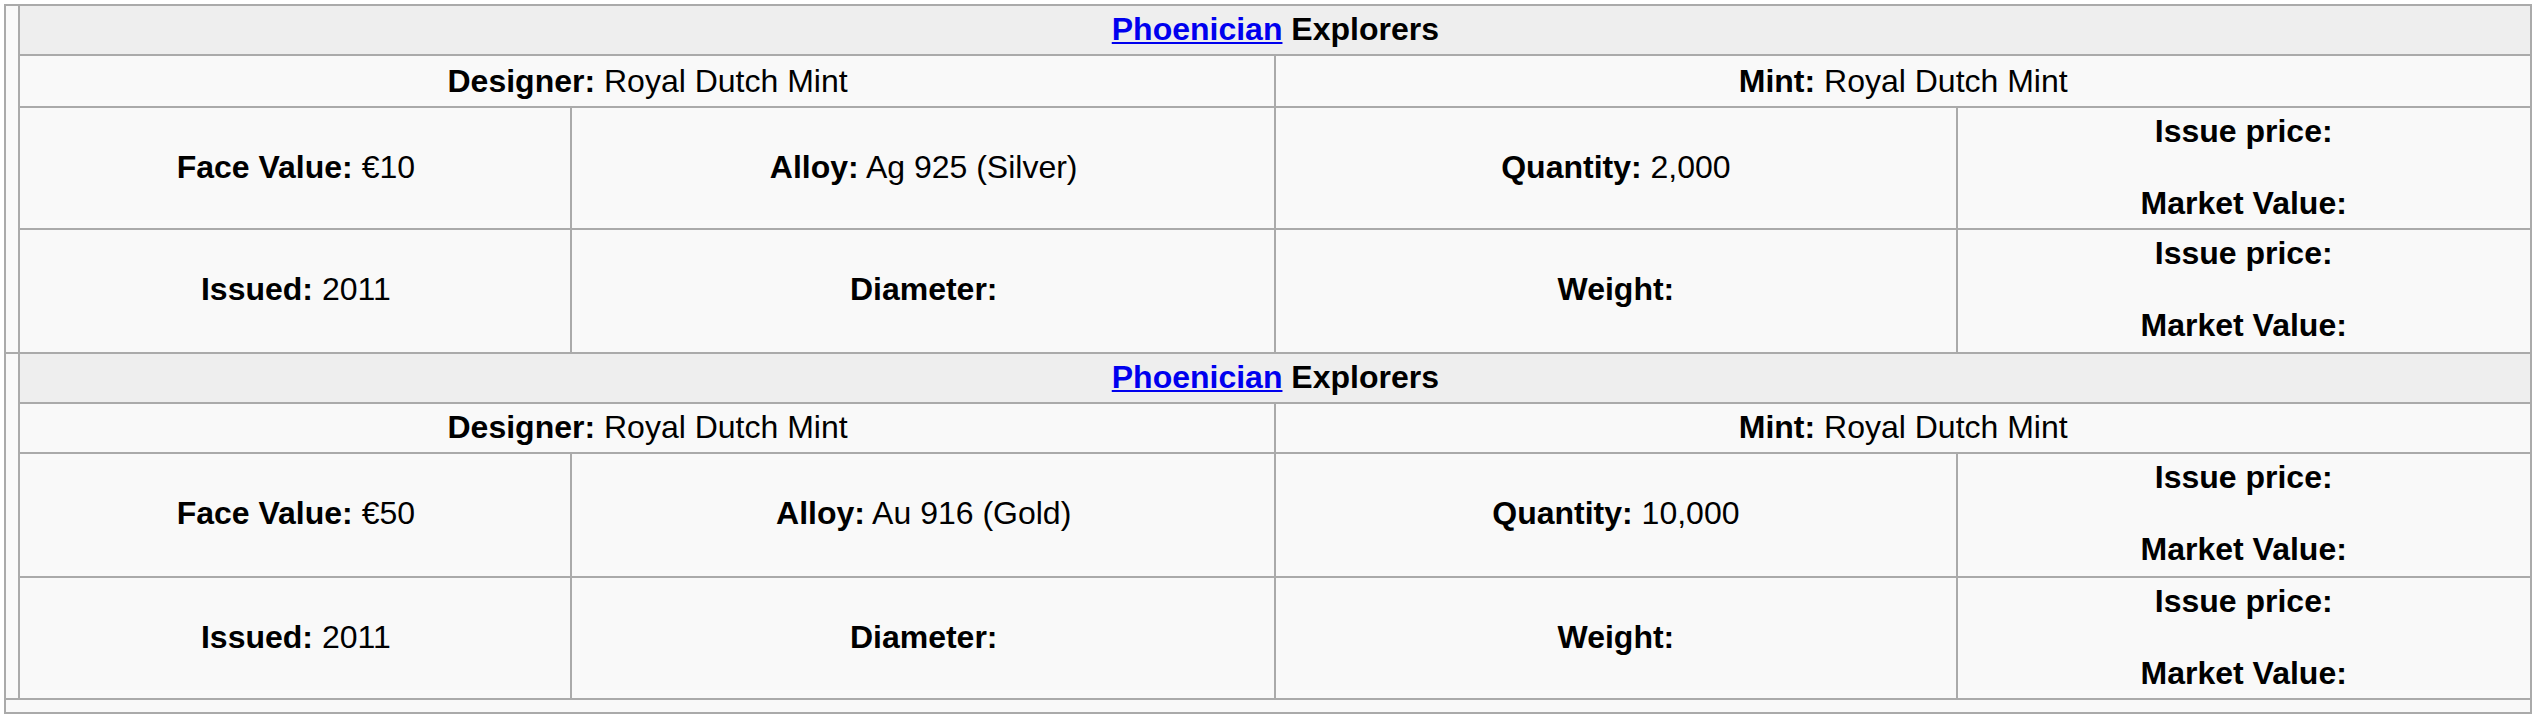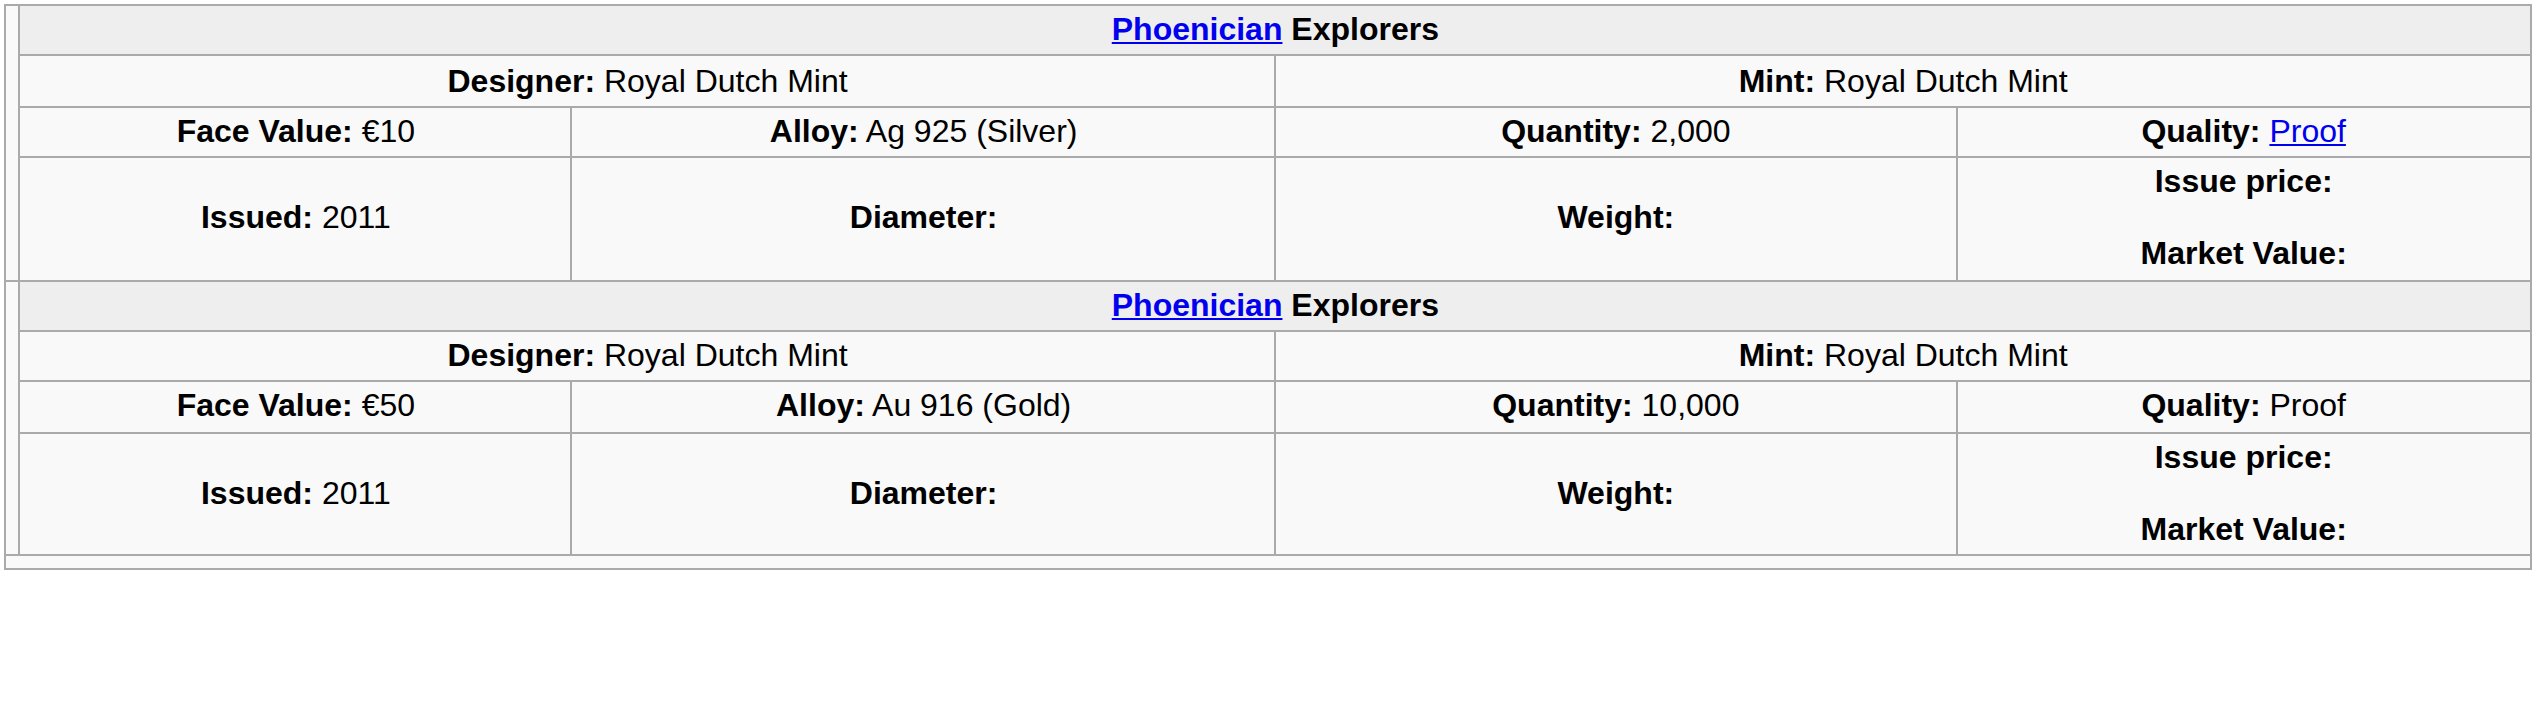 <table class="wikitable" width=100%>
 <tr>
 <td rowspan=4 width="330px" nowrap align=center></td>
 <th colspan="4" align=center style="background:#eeeeee;"><a href='#'>Phoenician</a> Explorers</th>
 </tr>
 <tr>
 <td colspan="2" width="50%" align=center><strong>Designer:</strong> Royal Dutch Mint</td>
 <td colspan="2" width="50%" align=center><strong>Mint:</strong> Royal Dutch Mint</td>
 </tr>
 <tr>
 <td align=center><strong>Face Value:</strong> €10</td>
 <td align=center><strong>Alloy:</strong> Ag 925 (Silver)</td>
 <td align=center><strong>Quantity:</strong> 2,000</td>
-<td align=center><strong>Issue price:</strong><br><br> <strong>Market Value:</strong></td>
+<td align=center><strong>Quality:</strong> <a href='#'>Proof</a></td>
 </tr>
 <tr>
 <td align=center><strong>Issued:</strong> 2011</td>
 <td align=center><strong>Diameter:</strong> </td>
 <td align=center><strong>Weight:</strong> </td>
 <td align=center><strong>Issue price:</strong><br><br> <strong>Market Value:</strong></td>
 </tr>
 <tr>
 <td rowspan=4 width="330px" nowrap align=center></td>
 <th colspan="4" align=center style="background:#eeeeee;"><a href='#'>Phoenician</a> Explorers</th>
 </tr>
 <tr>
 <td colspan="2" width="50%" align=center><strong>Designer:</strong> Royal Dutch Mint</td>
 <td colspan="2" width="50%" align=center><strong>Mint:</strong> Royal Dutch Mint</td>
 </tr>
 <tr>
 <td align=center><strong>Face Value:</strong> €50</td>
 <td align=center><strong>Alloy:</strong> Au 916 (Gold)</td>
 <td align=center><strong>Quantity:</strong> 10,000</td>
-<td align=center><strong>Issue price:</strong><br><br> <strong>Market Value:</strong></td>
+<td align=center><strong>Quality:</strong> Proof</td>
 </tr>
 <tr>
 <td align=center><strong>Issued:</strong> 2011</td>
 <td align=center><strong>Diameter:</strong> </td>
 <td align=center><strong>Weight:</strong> </td>
 <td align=center><strong>Issue price:</strong><br><br> <strong>Market Value:</strong></td>
 </tr>
 <tr>
 <td colspan="5" align=left></td>
 </tr>
 </table>
